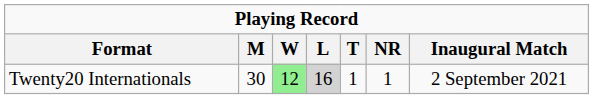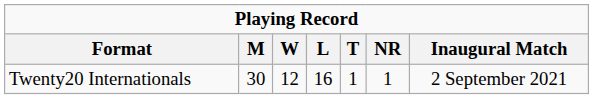 <table class="wikitable" style="text-align: center; width: 500px;">
 <tr>
 <td colspan=7 align="center"><strong>Playing Record</strong></td>
 </tr>
 <tr>
 <th>Format</th>
 <th>M</th>
 <th>W</th>
 <th>L</th>
 <th>T</th>
 <th>NR</th>
 <th>Inaugural Match</th>
 </tr>
 <tr>
 <td align="left">Twenty20 Internationals</td>
 <td>30</td>
-<td style="background: lightgreen;">12</td>
-<td style="background: lightgrey;">16</td>
+<td>12</td>
+<td>16</td>
 <td>1</td>
 <td>1</td>
 <td>2 September 2021</td>
 </tr>
 </table>
